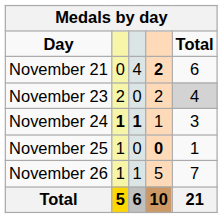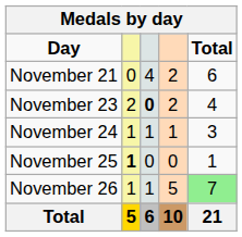 <table class="wikitable" style="font-size:85%; float:right">
 <tr align=center>
 <th colspan=7>Medals by day</th>
 </tr>
 <tr align=center>
 <td><strong>Day</strong></td>
 <td style="background:#f7f6a8;"></td>
 <td style="background:#dce5e5;"></td>
 <td style="background:#ffdab9;"></td>
 <td><strong>Total</strong></td>
 </tr>
 <tr align=center>
 <td align=left>November 21</td>
 <td style="background:#f7f6a8;">0</td>
 <td style="background:#dce5e5;">4</td>
-<td style="background:#ffdab9;"><strong>2</strong></td>
+<td style="background:#ffdab9;">2</td>
 <td>6</td>
 </tr>
 <tr align=center>
 <td align=left>November 23</td>
 <td style="background:#f7f6a8;">2</td>
-<td style="background:#dce5e5;">0</td>
+<td style="background:#dce5e5;"><strong>0</strong></td>
 <td style="background:#ffdab9;">2</td>
-<td style="background: lightgrey;">4</td>
+<td>4</td>
 </tr>
 <tr align=center>
 <td align=left>November 24</td>
-<td style="background:#f7f6a8;"><strong>1</strong></td>
-<td style="background:#dce5e5;"><strong>1</strong></td>
+<td style="background:#f7f6a8;">1</td>
+<td style="background:#dce5e5;">1</td>
 <td style="background:#ffdab9;">1</td>
 <td>3</td>
 </tr>
 <tr align=center>
 <td align=left>November 25</td>
-<td style="background:#f7f6a8;">1</td>
+<td style="background:#f7f6a8;"><strong>1</strong></td>
 <td style="background:#dce5e5;">0</td>
-<td style="background:#ffdab9;"><strong>0</strong></td>
+<td style="background:#ffdab9;">0</td>
 <td>1</td>
 </tr>
 <tr align=center>
 <td align=left>November 26</td>
 <td style="background:#f7f6a8;">1</td>
 <td style="background:#dce5e5;">1</td>
 <td style="background:#ffdab9;">5</td>
-<td>7</td>
+<td style="background: lightgreen;">7</td>
 </tr>
 <tr align=center>
 <th>Total</th>
 <th style="background:gold;">5</th>
 <th style="background:silver;">6</th>
 <th style="background:#c96;">10</th>
 <th>21</th>
 </tr>
 </table>
